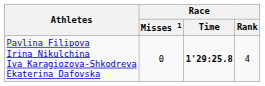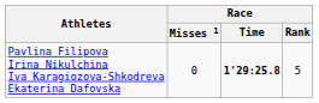 <table class="wikitable" border="1" style="font-size:90%">
 <tr>
 <th rowspan=2>Athletes</th>
 <th colspan=3>Race</th>
 </tr>
 <tr>
 <th>Misses <sup>1</sup></th>
 <th>Time</th>
 <th>Rank</th>
 </tr>
 <tr>
 <td><a href='#'>Pavlina Filipova</a><br><a href='#'>Irina Nikulchina</a><br><a href='#'>Iva Karagiozova-Shkodreva</a><br><a href='#'>Ekaterina Dafovska</a></td>
 <td align=center>0</td>
 <td align=center><strong>1'29:25.8</strong></td>
-<td align=center>4</td>
+<td align=center>5</td>
 </tr>
 </table>
